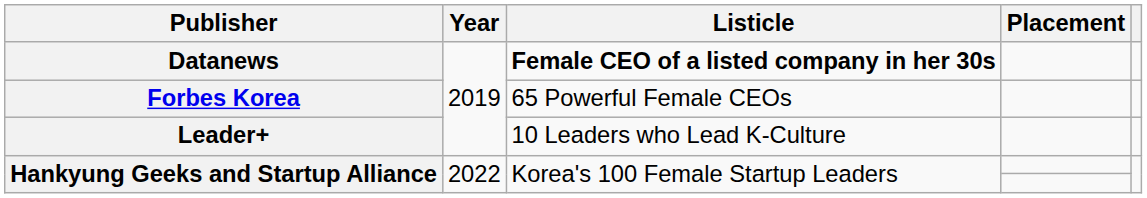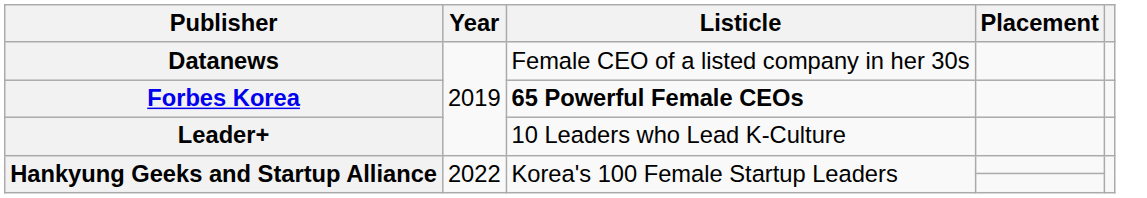 <table class="wikitable plainrowheaders sortable">
 <tr>
 <th scope="col">Publisher</th>
 <th scope="col">Year</th>
 <th scope="col">Listicle</th>
 <th scope="col">Placement</th>
 <th class="unsortable" scope="col"></th>
 </tr>
 <tr>
 <th scope="row">Datanews</th>
 <td rowspan="3">2019</td>
-<td><strong>Female CEO of a listed company in her 30s</strong></td>
+<td>Female CEO of a listed company in her 30s</td>
 <td></td>
 <td></td>
 </tr>
 <tr>
 <th scope="row"><a href='#'>Forbes Korea</a></th>
-<td>65 Powerful Female CEOs</td>
+<td><strong>65 Powerful Female CEOs</strong></td>
 <td></td>
 <td></td>
 </tr>
 <tr>
 <th scope="row">Leader+</th>
 <td>10 Leaders who Lead K-Culture</td>
 <td></td>
 <td></td>
 </tr>
 <tr>
 <th rowspan="2" scope="row">Hankyung Geeks and Startup Alliance</th>
 <td rowspan="2">2022</td>
 <td rowspan="2">Korea's 100 Female Startup Leaders</td>
 <td></td>
 <td rowspan="2"></td>
 </tr>
 <tr>
 <td></td>
 </tr>
 </table>
